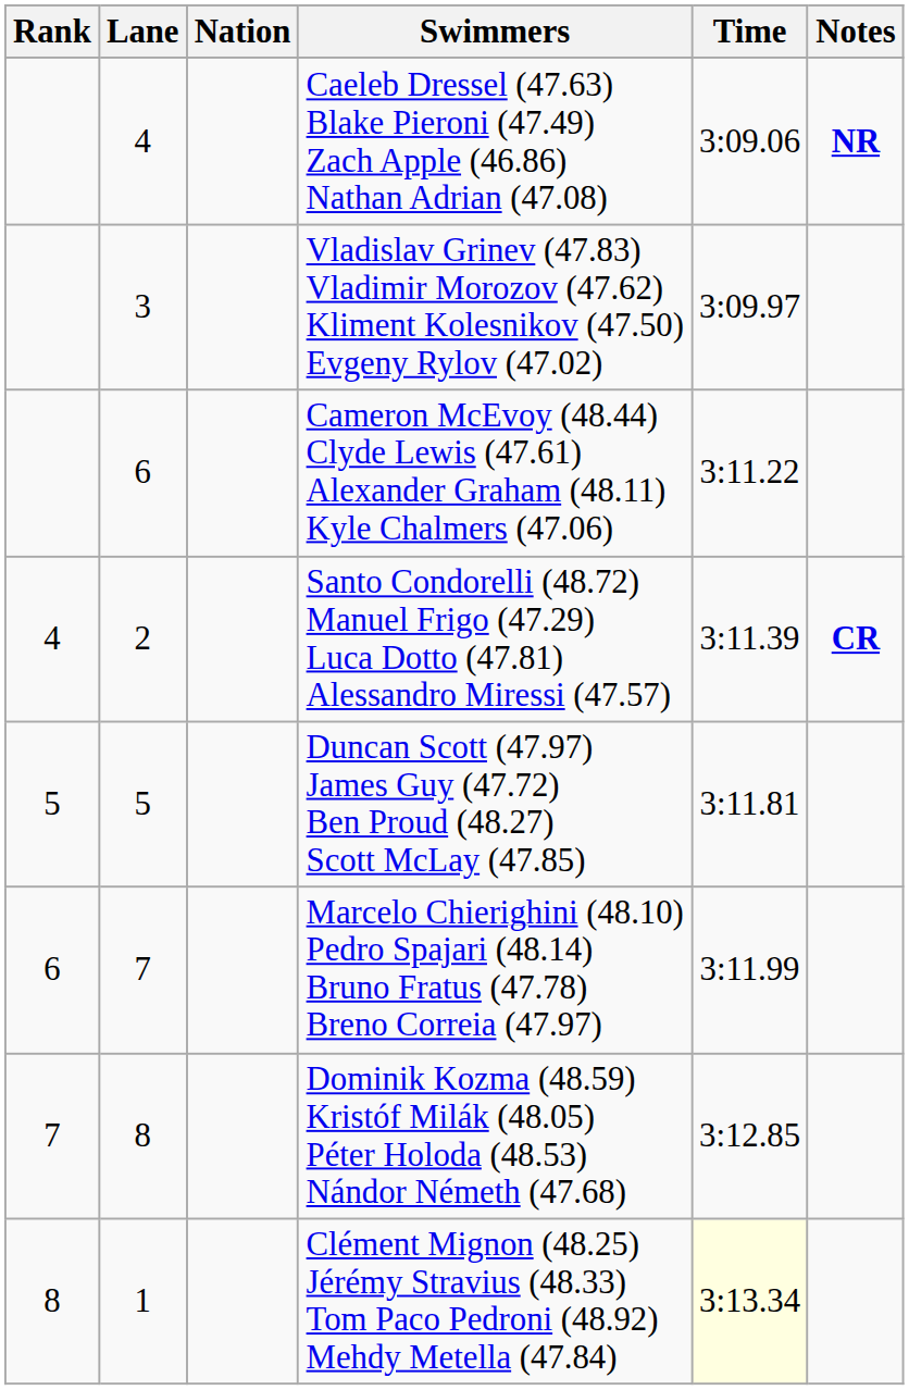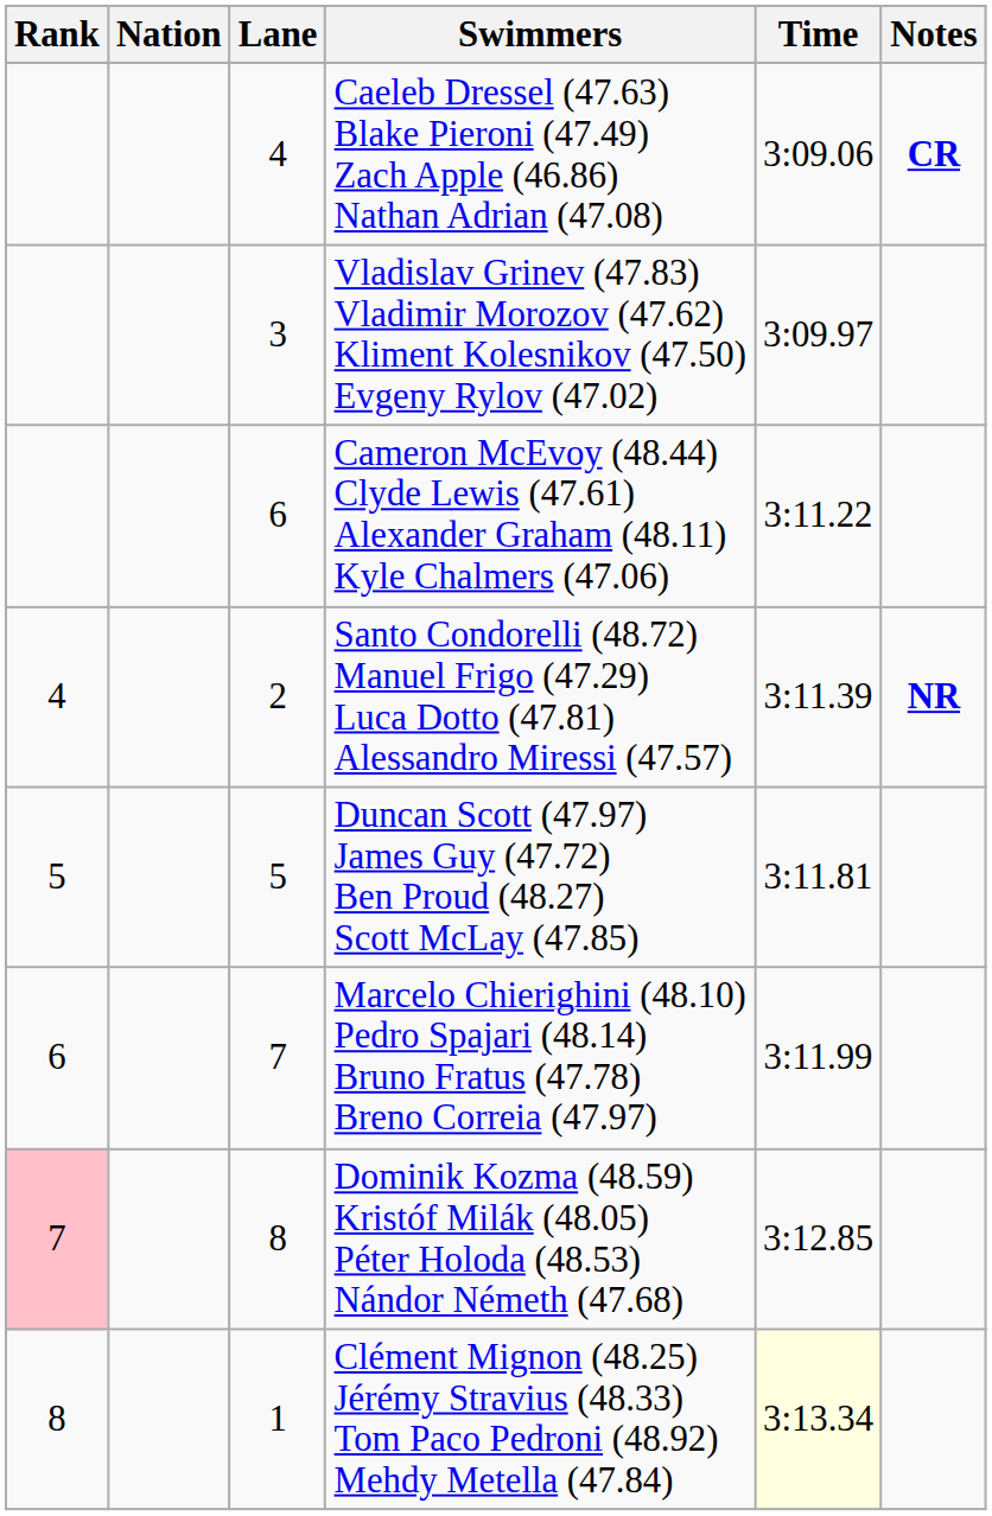 <table class="wikitable sortable" style="text-align:center">
 <tr>
 <th>Rank</th>
+<th>Nation</th>
 <th>Lane</th>
-<th>Nation</th>
 <th>Swimmers</th>
 <th>Time</th>
 <th>Notes</th>
 </tr>
 <tr>
 <td></td>
+<td align=left></td>
 <td>4</td>
-<td align=left></td>
 <td align=left><a href='#'>Caeleb Dressel</a> (47.63)<br><a href='#'>Blake Pieroni</a> (47.49)<br><a href='#'>Zach Apple</a> (46.86)<br><a href='#'>Nathan Adrian</a> (47.08)</td>
 <td>3:09.06</td>
-<td><strong><a href='#'>NR</a></strong></td>
+<td><strong><a href='#'>CR</a></strong></td>
 </tr>
 <tr>
 <td></td>
+<td align=left></td>
 <td>3</td>
-<td align=left></td>
 <td align=left><a href='#'>Vladislav Grinev</a> (47.83)<br><a href='#'>Vladimir Morozov</a> (47.62)<br><a href='#'>Kliment Kolesnikov</a> (47.50)<br><a href='#'>Evgeny Rylov</a> (47.02)</td>
 <td>3:09.97</td>
 <td></td>
 </tr>
 <tr>
 <td></td>
+<td align=left></td>
 <td>6</td>
-<td align=left></td>
 <td align=left><a href='#'>Cameron McEvoy</a> (48.44)<br><a href='#'>Clyde Lewis</a> (47.61)<br><a href='#'>Alexander Graham</a> (48.11) <br><a href='#'>Kyle Chalmers</a> (47.06)</td>
 <td>3:11.22</td>
 <td></td>
 </tr>
 <tr>
 <td>4</td>
+<td align=left></td>
 <td>2</td>
-<td align=left></td>
 <td align=left><a href='#'>Santo Condorelli</a> (48.72)<br><a href='#'>Manuel Frigo</a> (47.29)<br><a href='#'>Luca Dotto</a> (47.81)<br><a href='#'>Alessandro Miressi</a> (47.57)</td>
 <td>3:11.39</td>
-<td><strong><a href='#'>CR</a></strong></td>
+<td><strong><a href='#'>NR</a></strong></td>
 </tr>
 <tr>
 <td>5</td>
+<td align=left></td>
 <td>5</td>
-<td align=left></td>
 <td align=left><a href='#'>Duncan Scott</a> (47.97)<br><a href='#'>James Guy</a> (47.72)<br><a href='#'>Ben Proud</a> (48.27)<br><a href='#'>Scott McLay</a> (47.85)</td>
 <td>3:11.81</td>
 <td></td>
 </tr>
 <tr>
 <td>6</td>
+<td align=left></td>
 <td>7</td>
-<td align=left></td>
 <td align=left><a href='#'>Marcelo Chierighini</a> (48.10)<br><a href='#'>Pedro Spajari</a> (48.14)<br><a href='#'>Bruno Fratus</a> (47.78)<br><a href='#'>Breno Correia</a> (47.97)</td>
 <td>3:11.99</td>
 <td></td>
 </tr>
 <tr>
-<td>7</td>
+<td style="background: pink;">7</td>
+<td align=left></td>
 <td>8</td>
-<td align=left></td>
 <td align=left><a href='#'>Dominik Kozma</a> (48.59)<br><a href='#'>Kristóf Milák</a> (48.05)<br><a href='#'>Péter Holoda</a> (48.53)<br><a href='#'>Nándor Németh</a> (47.68)</td>
 <td>3:12.85</td>
 <td></td>
 </tr>
 <tr>
 <td>8</td>
+<td align=left></td>
 <td>1</td>
-<td align=left></td>
 <td align=left><a href='#'>Clément Mignon</a> (48.25)<br><a href='#'>Jérémy Stravius</a> (48.33)<br><a href='#'>Tom Paco Pedroni</a> (48.92)<br><a href='#'>Mehdy Metella</a> (47.84)</td>
 <td style="background: lightyellow;">3:13.34</td>
 <td></td>
 </tr>
 </table>
